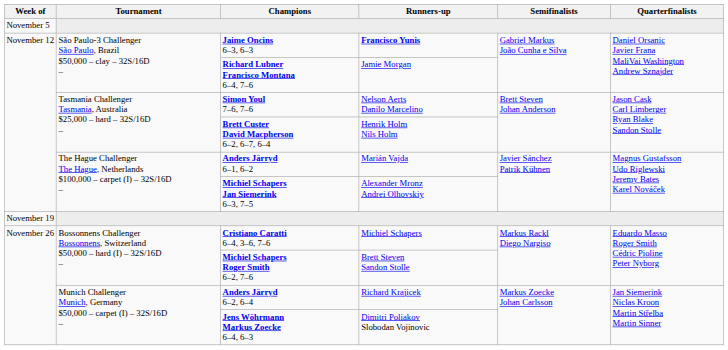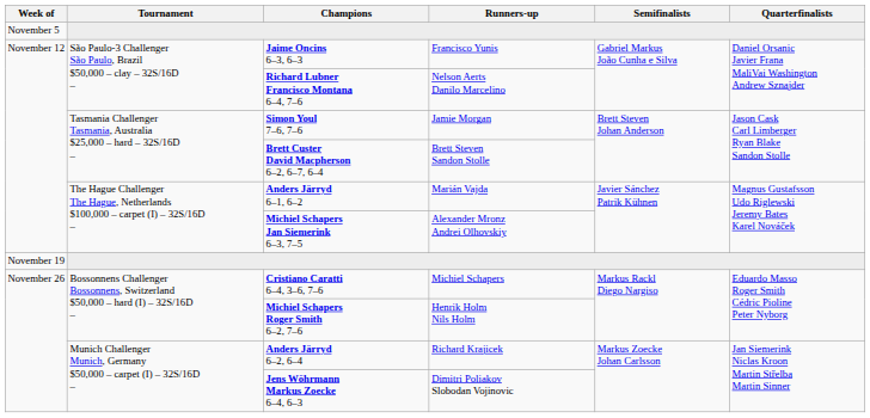 <table class="wikitable" style="font-size:85%;">
 <tr>
 <th width="75">Week of</th>
 <th width="250">Tournament</th>
 <th width="210">Champions</th>
 <th width="210">Runners-up</th>
 <th width="170">Semifinalists</th>
 <th width="170">Quarterfinalists</th>
 </tr>
 <tr valign="top">
 <td rowspan="1">November 5</td>
 <td colspan="5" bgcolor="#ededed"></td>
 </tr>
 <tr valign="top">
 <td rowspan="6">November 12</td>
 <td rowspan="2">São Paulo-3 Challenger<br> <a href='#'>São Paulo</a>, Brazil<br>$50,000 – clay – 32S/16D<br>  – </td>
 <td> <strong><a href='#'>Jaime Oncins</a></strong> <br>6–3, 6–3</td>
-<td><strong> <a href='#'>Francisco Yunis</a></strong></td>
+<td> <a href='#'>Francisco Yunis</a></td>
 <td rowspan="2"> <a href='#'>Gabriel Markus</a> <br>  <a href='#'>João Cunha e Silva</a></td>
 <td rowspan="2"> <a href='#'>Daniel Orsanic</a> <br> <a href='#'>Javier Frana</a> <br> <a href='#'>MaliVai Washington</a> <br>  <a href='#'>Andrew Sznajder</a></td>
 </tr>
 <tr valign="top">
 <td> <strong><a href='#'>Richard Lubner</a></strong> <br> <strong><a href='#'>Francisco Montana</a></strong><br> 6–4, 7–6</td>
-<td> <a href='#'>Jamie Morgan</a></td>
+<td> <a href='#'>Nelson Aerts</a> <br>  <a href='#'>Danilo Marcelino</a></td>
 </tr>
 <tr valign="top">
 <td rowspan="2">Tasmania Challenger<br> <a href='#'>Tasmania</a>, Australia<br>$25,000 – hard – 32S/16D<br>  – </td>
 <td> <strong><a href='#'>Simon Youl</a></strong> <br>7–6, 7–6</td>
-<td> <a href='#'>Nelson Aerts</a> <br>  <a href='#'>Danilo Marcelino</a></td>
+<td> <a href='#'>Jamie Morgan</a></td>
 <td rowspan="2"> <a href='#'>Brett Steven</a> <br>  <a href='#'>Johan Anderson</a></td>
 <td rowspan="2"> <a href='#'>Jason Cask</a> <br> <a href='#'>Carl Limberger</a> <br> <a href='#'>Ryan Blake</a> <br>  <a href='#'>Sandon Stolle</a></td>
 </tr>
 <tr valign="top">
 <td> <strong><a href='#'>Brett Custer</a></strong> <br> <strong><a href='#'>David Macpherson</a></strong><br> 6–2, 6–7, 6–4</td>
-<td> <a href='#'>Henrik Holm</a> <br>  <a href='#'>Nils Holm</a></td>
+<td> <a href='#'>Brett Steven</a> <br>  <a href='#'>Sandon Stolle</a></td>
 </tr>
 <tr valign="top">
 <td rowspan="2">The Hague Challenger<br> <a href='#'>The Hague</a>, Netherlands<br>$100,000 – carpet (I) – 32S/16D<br>  – </td>
 <td> <strong><a href='#'>Anders Järryd</a></strong> <br>6–1, 6–2</td>
 <td> <a href='#'>Marián Vajda</a></td>
 <td rowspan="2"> <a href='#'>Javier Sánchez</a> <br>  <a href='#'>Patrik Kühnen</a></td>
 <td rowspan="2"> <a href='#'>Magnus Gustafsson</a> <br> <a href='#'>Udo Riglewski</a> <br> <a href='#'>Jeremy Bates</a> <br>  <a href='#'>Karel Nováček</a></td>
 </tr>
 <tr valign="top">
 <td> <strong><a href='#'>Michiel Schapers</a></strong> <br> <strong><a href='#'>Jan Siemerink</a></strong><br> 6–3, 7–5</td>
 <td> <a href='#'>Alexander Mronz</a> <br>  <a href='#'>Andrei Olhovskiy</a></td>
 </tr>
 <tr valign="top">
 <td rowspan="1">November 19</td>
 <td colspan="5" bgcolor="#ededed"></td>
 </tr>
 <tr valign="top">
 <td rowspan="4">November 26</td>
 <td rowspan="2">Bossonnens Challenger<br> <a href='#'>Bossonnens</a>, Switzerland<br>$50,000 – hard (I) – 32S/16D<br>  – </td>
 <td> <strong><a href='#'>Cristiano Caratti</a></strong> <br>6–4, 3–6, 7–6</td>
 <td> <a href='#'>Michiel Schapers</a></td>
 <td rowspan="2"> <a href='#'>Markus Rackl</a> <br>  <a href='#'>Diego Nargiso</a></td>
 <td rowspan="2"> <a href='#'>Eduardo Masso</a> <br> <a href='#'>Roger Smith</a> <br> <a href='#'>Cédric Pioline</a> <br>  <a href='#'>Peter Nyborg</a></td>
 </tr>
 <tr valign="top">
 <td> <strong><a href='#'>Michiel Schapers</a></strong> <br> <strong><a href='#'>Roger Smith</a></strong><br> 6–2, 7–6</td>
-<td> <a href='#'>Brett Steven</a> <br>  <a href='#'>Sandon Stolle</a></td>
+<td> <a href='#'>Henrik Holm</a> <br>  <a href='#'>Nils Holm</a></td>
 </tr>
 <tr valign="top">
 <td rowspan="2">Munich Challenger<br> <a href='#'>Munich</a>, Germany<br>$50,000 – carpet (I) – 32S/16D<br>  – </td>
 <td> <strong><a href='#'>Anders Järryd</a></strong> <br>6–2, 6–4</td>
 <td> <a href='#'>Richard Krajicek</a></td>
 <td rowspan="2"> <a href='#'>Markus Zoecke</a> <br>  <a href='#'>Johan Carlsson</a></td>
 <td rowspan="2"> <a href='#'>Jan Siemerink</a> <br> <a href='#'>Niclas Kroon</a> <br> <a href='#'>Martin Střelba</a> <br>  <a href='#'>Martin Sinner</a></td>
 </tr>
 <tr valign="top">
 <td> <strong><a href='#'>Jens Wöhrmann</a></strong> <br> <strong><a href='#'>Markus Zoecke</a></strong><br> 6–4, 6–3</td>
 <td> <a href='#'>Dimitri Poliakov</a> <br>  Slobodan Vojinovic</td>
 </tr>
 </table>
